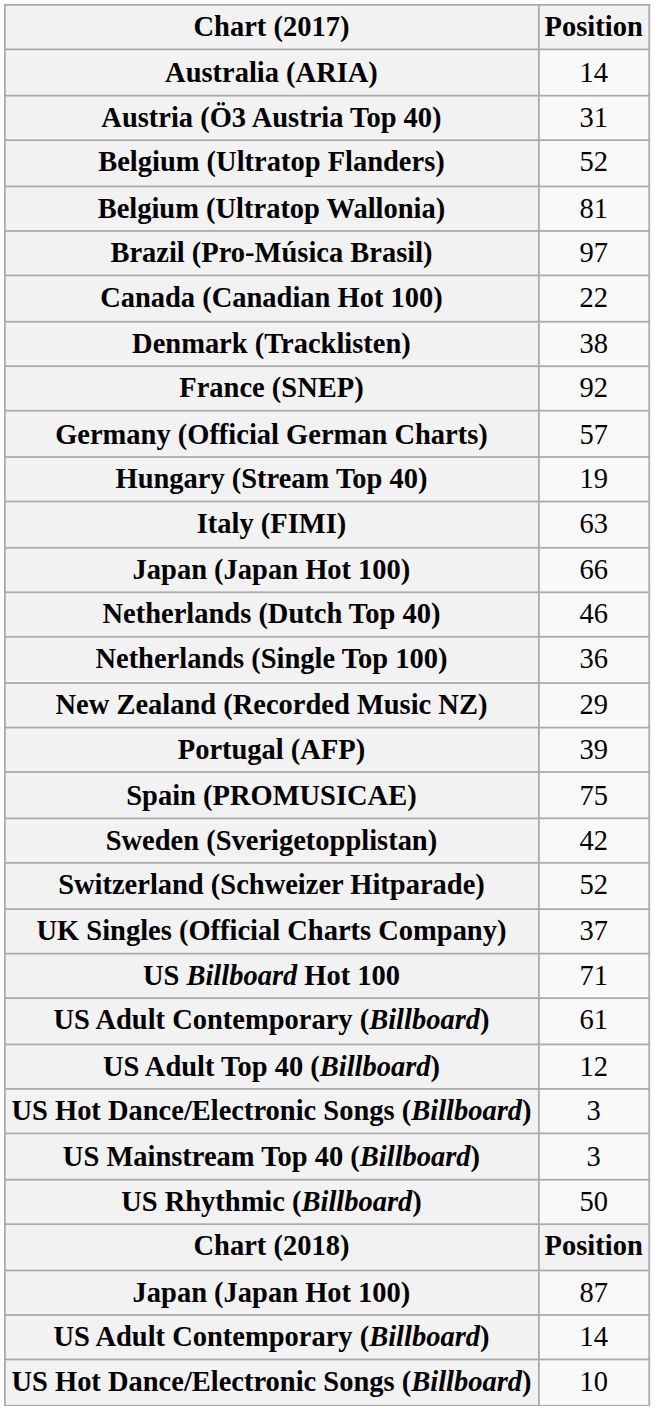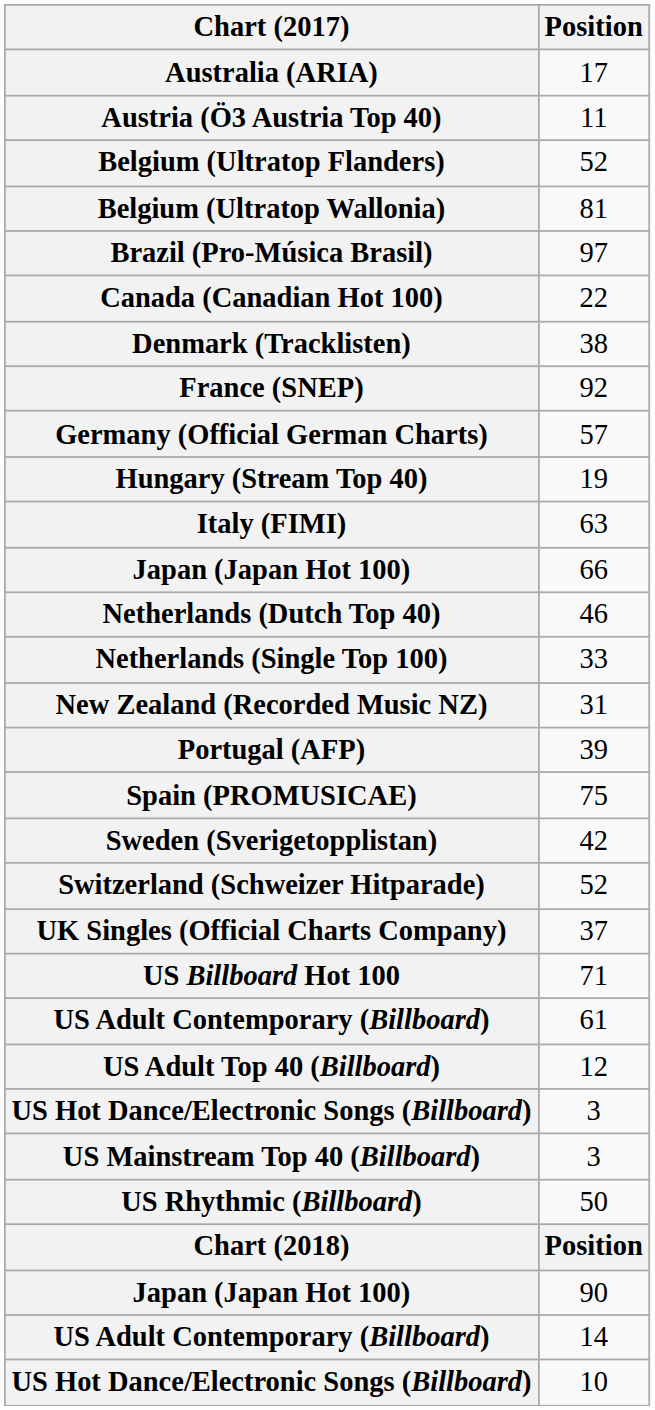 <table class="wikitable sortable plainrowheaders" style="text-align:center">
 <tr>
 <th scope="col">Chart (2017)</th>
 <th scope="col">Position</th>
 </tr>
 <tr>
 <th scope="row">Australia (ARIA)</th>
-<td>14</td>
+<td>17</td>
 </tr>
 <tr>
 <th scope="row">Austria (Ö3 Austria Top 40)</th>
-<td>31</td>
+<td>11</td>
 </tr>
 <tr>
 <th scope="row">Belgium (Ultratop Flanders)</th>
 <td>52</td>
 </tr>
 <tr>
 <th scope="row">Belgium (Ultratop Wallonia)</th>
 <td>81</td>
 </tr>
 <tr>
 <th scope="row">Brazil (Pro-Música Brasil)</th>
 <td>97</td>
 </tr>
 <tr>
 <th scope="row">Canada (Canadian Hot 100)</th>
 <td>22</td>
 </tr>
 <tr>
 <th scope="row">Denmark (Tracklisten)</th>
 <td>38</td>
 </tr>
 <tr>
 <th scope="row">France (SNEP)</th>
 <td>92</td>
 </tr>
 <tr>
 <th scope="row">Germany (Official German Charts)</th>
 <td>57</td>
 </tr>
 <tr>
 <th scope="row">Hungary (Stream Top 40)</th>
 <td>19</td>
 </tr>
 <tr>
 <th scope="row">Italy (FIMI)</th>
 <td>63</td>
 </tr>
 <tr>
 <th scope="row">Japan (Japan Hot 100)</th>
 <td>66</td>
 </tr>
 <tr>
 <th scope="row">Netherlands (Dutch Top 40)</th>
 <td>46</td>
 </tr>
 <tr>
 <th scope="row">Netherlands (Single Top 100)</th>
-<td>36</td>
+<td>33</td>
 </tr>
 <tr>
 <th scope="row">New Zealand (Recorded Music NZ)</th>
-<td>29</td>
+<td>31</td>
 </tr>
 <tr>
 <th scope="row">Portugal (AFP)</th>
 <td>39</td>
 </tr>
 <tr>
 <th scope="row">Spain (PROMUSICAE)</th>
 <td>75</td>
 </tr>
 <tr>
 <th scope="row">Sweden (Sverigetopplistan)</th>
 <td>42</td>
 </tr>
 <tr>
 <th scope="row">Switzerland (Schweizer Hitparade)</th>
 <td>52</td>
 </tr>
 <tr>
 <th scope="row">UK Singles (Official Charts Company)</th>
 <td>37</td>
 </tr>
 <tr>
 <th scope="row">US <em>Billboard</em> Hot 100</th>
 <td>71</td>
 </tr>
 <tr>
 <th scope="row">US Adult Contemporary (<em>Billboard</em>)</th>
 <td>61</td>
 </tr>
 <tr>
 <th scope="row">US Adult Top 40 (<em>Billboard</em>)</th>
 <td>12</td>
 </tr>
 <tr>
 <th scope="row">US Hot Dance/Electronic Songs (<em>Billboard</em>)</th>
 <td>3</td>
 </tr>
 <tr>
 <th scope="row">US Mainstream Top 40 (<em>Billboard</em>)</th>
 <td>3</td>
 </tr>
 <tr>
 <th scope="row">US Rhythmic (<em>Billboard</em>)</th>
 <td>50</td>
 </tr>
 <tr>
 <th scope="col">Chart (2018)</th>
 <th scope="col">Position</th>
 </tr>
 <tr>
 <th scope="row">Japan (Japan Hot 100)</th>
-<td>87</td>
+<td>90</td>
 </tr>
 <tr>
 <th scope="row">US Adult Contemporary (<em>Billboard</em>)</th>
 <td>14</td>
 </tr>
 <tr>
 <th scope="row">US Hot Dance/Electronic Songs (<em>Billboard</em>)</th>
 <td>10</td>
 </tr>
 </table>
